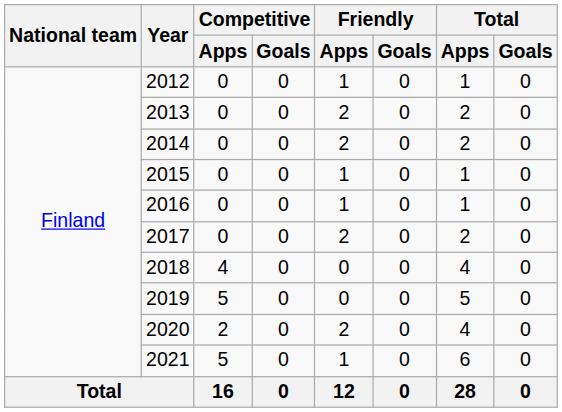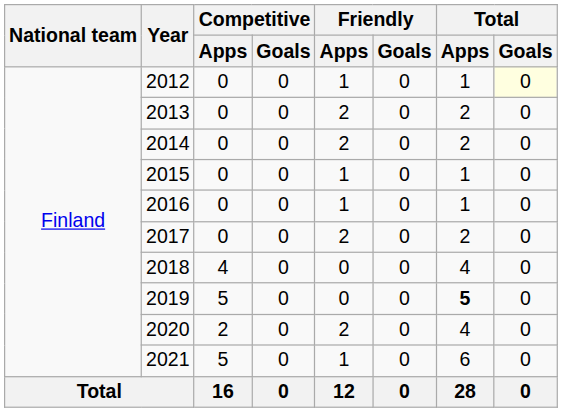 <table class="wikitable" style="text-align:center">
 <tr>
 <th rowspan="2">National team</th>
 <th rowspan="2">Year</th>
 <th colspan="2">Competitive</th>
 <th colspan="2">Friendly</th>
 <th colspan="2">Total</th>
 </tr>
 <tr>
 <th>Apps</th>
 <th>Goals</th>
 <th>Apps</th>
 <th>Goals</th>
 <th>Apps</th>
 <th>Goals</th>
 </tr>
 <tr>
 <td rowspan=10><a href='#'>Finland</a></td>
 <td>2012</td>
 <td>0</td>
 <td>0</td>
 <td>1</td>
 <td>0</td>
 <td>1</td>
-<td>0</td>
+<td style="background: lightyellow;">0</td>
 </tr>
 <tr>
 <td>2013</td>
 <td>0</td>
 <td>0</td>
 <td>2</td>
 <td>0</td>
 <td>2</td>
 <td>0</td>
 </tr>
 <tr>
 <td>2014</td>
 <td>0</td>
 <td>0</td>
 <td>2</td>
 <td>0</td>
 <td>2</td>
 <td>0</td>
 </tr>
 <tr>
 <td>2015</td>
 <td>0</td>
 <td>0</td>
 <td>1</td>
 <td>0</td>
 <td>1</td>
 <td>0</td>
 </tr>
 <tr>
 <td>2016</td>
 <td>0</td>
 <td>0</td>
 <td>1</td>
 <td>0</td>
 <td>1</td>
 <td>0</td>
 </tr>
 <tr>
 <td>2017</td>
 <td>0</td>
 <td>0</td>
 <td>2</td>
 <td>0</td>
 <td>2</td>
 <td>0</td>
 </tr>
 <tr>
 <td>2018</td>
 <td>4</td>
 <td>0</td>
 <td>0</td>
 <td>0</td>
 <td>4</td>
 <td>0</td>
 </tr>
 <tr>
 <td>2019</td>
 <td>5</td>
 <td>0</td>
 <td>0</td>
 <td>0</td>
-<td>5</td>
+<td><strong>5</strong></td>
 <td>0</td>
 </tr>
 <tr>
 <td>2020</td>
 <td>2</td>
 <td>0</td>
 <td>2</td>
 <td>0</td>
 <td>4</td>
 <td>0</td>
 </tr>
 <tr>
 <td>2021</td>
 <td>5</td>
 <td>0</td>
 <td>1</td>
 <td>0</td>
 <td>6</td>
 <td>0</td>
 </tr>
 <tr>
 <th colspan=2>Total</th>
 <th>16</th>
 <th>0</th>
 <th>12</th>
 <th>0</th>
 <th>28</th>
 <th>0</th>
 </tr>
 </table>
